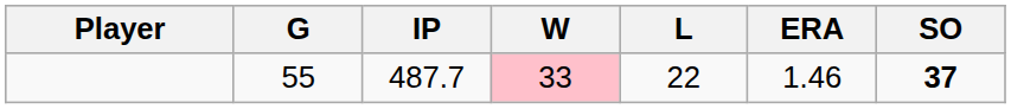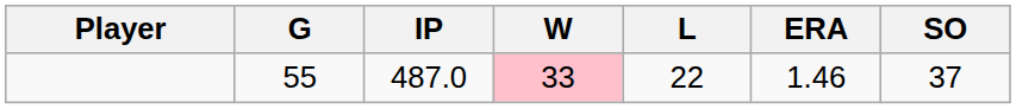 <table class="wikitable sortable">
 <tr>
 <th bgcolor="#DDDDFF" width="16%">Player</th>
 <th bgcolor="#DDDDFF" width="9%">G</th>
 <th bgcolor="#DDDDFF" width="9%">IP</th>
 <th bgcolor="#DDDDFF" width="9%">W</th>
 <th bgcolor="#DDDDFF" width="9%">L</th>
 <th bgcolor="#DDDDFF" width="9%">ERA</th>
 <th bgcolor="#DDDDFF" width="9%">SO</th>
 </tr>
 <tr align="center">
 <td></td>
 <td>55</td>
-<td>487.7</td>
+<td>487.0</td>
 <td style="background: pink;">33</td>
 <td>22</td>
 <td>1.46</td>
-<td><strong>37</strong></td>
+<td>37</td>
 </tr>
 </table>
